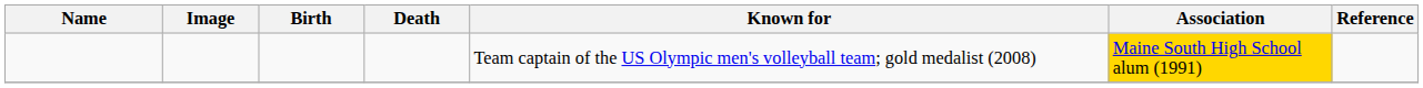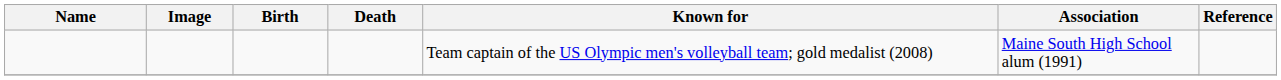 <table class="wikitable sortable">
 <tr>
 <th scope="col" width="140">Name</th>
 <th scope="col" width="80" class="unsortable">Image</th>
 <th scope="col" width="90">Birth</th>
 <th scope="col" width="90">Death</th>
 <th scope="col" width="600" class="unsortable">Known for</th>
 <th scope="col" width="200" class="unsortable">Association</th>
 <th scope="col" width="30" class="unsortable">Reference</th>
 </tr>
 <tr>
 <td></td>
 <td></td>
 <td align=right></td>
 <td></td>
 <td>Team captain of the <a href='#'>US Olympic men's volleyball team</a>; gold medalist (2008)</td>
-<td style="background: gold;"><a href='#'>Maine South High School</a> alum (1991)</td>
+<td><a href='#'>Maine South High School</a> alum (1991)</td>
 <td align="center"></td>
 </tr>
 <tr>
 </tr>
 </table>
